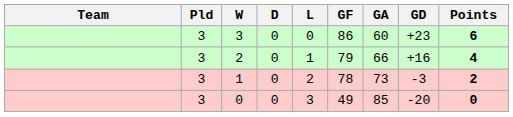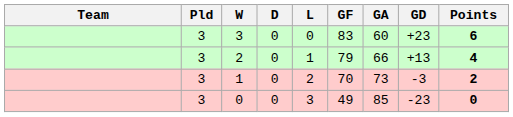 <table class=wikitable style="text-align:center" width="500">
 <tr>
 <th width=25%>Team</th>
 <th width=5%>Pld</th>
 <th width=5%>W</th>
 <th width=5%>D</th>
 <th width=5%>L</th>
 <th width=5%>GF</th>
 <th width=5%>GA</th>
 <th width=5%>GD</th>
 <th width=8%>Points</th>
 </tr>
 <tr bgcolor="#ccffcc">
 <td align="left"></td>
 <td>3</td>
 <td>3</td>
 <td>0</td>
 <td>0</td>
-<td>86</td>
+<td>83</td>
 <td>60</td>
 <td>+23</td>
 <td><strong>6</strong></td>
 </tr>
 <tr bgcolor="#ccffcc">
 <td align="left"></td>
 <td>3</td>
 <td>2</td>
 <td>0</td>
 <td>1</td>
 <td>79</td>
 <td>66</td>
-<td>+16</td>
+<td>+13</td>
 <td><strong>4</strong></td>
 </tr>
 <tr bgcolor="#ffcccc">
 <td align="left"></td>
 <td>3</td>
 <td>1</td>
 <td>0</td>
 <td>2</td>
-<td>78</td>
+<td>70</td>
 <td>73</td>
 <td>-3</td>
 <td><strong>2</strong></td>
 </tr>
 <tr bgcolor="#ffcccc">
 <td align="left"></td>
 <td>3</td>
 <td>0</td>
 <td>0</td>
 <td>3</td>
 <td>49</td>
 <td>85</td>
-<td>-20</td>
+<td>-23</td>
 <td><strong>0</strong></td>
 </tr>
 </table>
